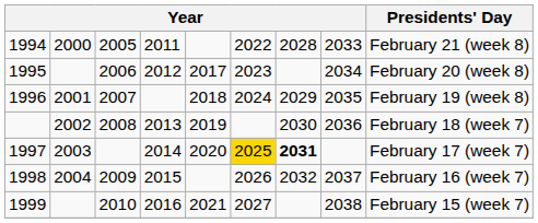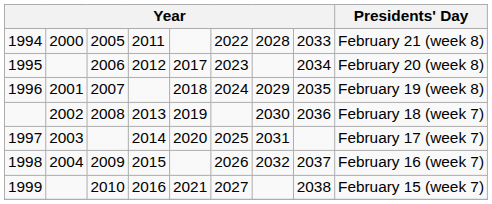 <table class="wikitable">
 <tr>
 <th colspan="8">Year</th>
 <th>Presidents' Day</th>
 </tr>
 <tr>
 <td>1994</td>
 <td>2000</td>
 <td>2005</td>
 <td>2011</td>
 <td></td>
 <td>2022</td>
 <td>2028</td>
 <td>2033</td>
 <td>February 21 (week 8)</td>
 </tr>
 <tr>
 <td>1995</td>
 <td></td>
 <td>2006</td>
 <td>2012</td>
 <td>2017</td>
 <td>2023</td>
 <td></td>
 <td>2034</td>
 <td>February 20 (week 8)</td>
 </tr>
 <tr>
 <td>1996</td>
 <td>2001</td>
 <td>2007</td>
 <td></td>
 <td>2018</td>
 <td>2024</td>
 <td>2029</td>
 <td>2035</td>
 <td>February 19 (week 8)</td>
 </tr>
 <tr>
 <td></td>
 <td>2002</td>
 <td>2008</td>
 <td>2013</td>
 <td>2019</td>
 <td></td>
 <td>2030</td>
 <td>2036</td>
 <td>February 18 (week 7)</td>
 </tr>
 <tr>
 <td>1997</td>
 <td>2003</td>
 <td></td>
 <td>2014</td>
 <td>2020</td>
-<td style="background: gold;">2025</td>
-<td><strong>2031</strong></td>
+<td>2025</td>
+<td>2031</td>
 <td></td>
 <td>February 17 (week 7)</td>
 </tr>
 <tr>
 <td>1998</td>
 <td>2004</td>
 <td>2009</td>
 <td>2015</td>
 <td></td>
 <td>2026</td>
 <td>2032</td>
 <td>2037</td>
 <td>February 16 (week 7)</td>
 </tr>
 <tr>
 <td>1999</td>
 <td></td>
 <td>2010</td>
 <td>2016</td>
 <td>2021</td>
 <td>2027</td>
 <td></td>
 <td>2038</td>
 <td>February 15 (week 7)</td>
 </tr>
 <tr>
 </tr>
 </table>
